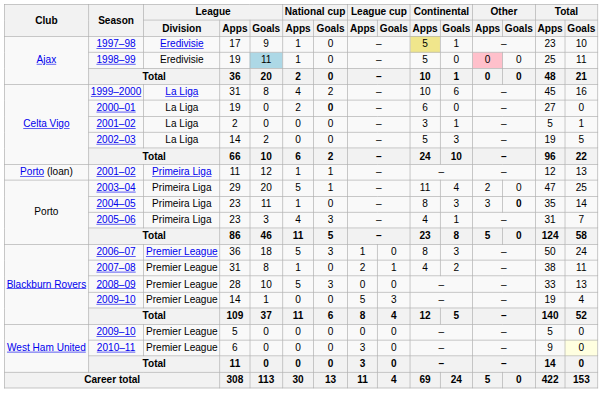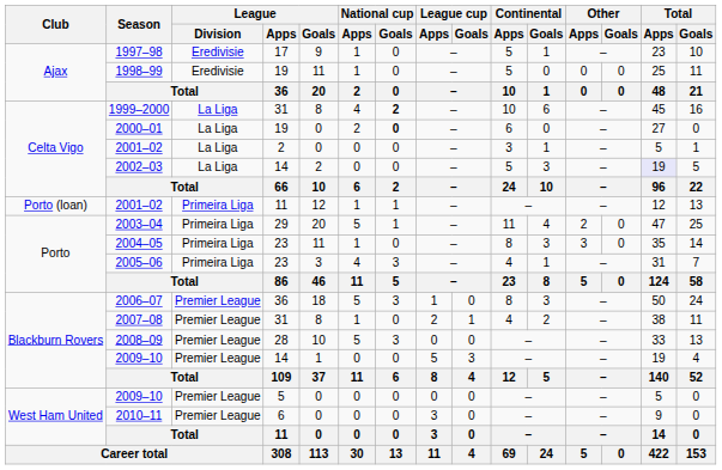 <table class="wikitable" style="text-align:center">
 <tr>
 <th rowspan="2">Club</th>
 <th rowspan="2">Season</th>
 <th colspan="3">League</th>
 <th colspan="2">National cup</th>
 <th colspan="2">League cup</th>
 <th colspan="2">Continental</th>
 <th colspan="2">Other</th>
 <th colspan="2">Total</th>
 </tr>
 <tr>
 <th>Division</th>
 <th>Apps</th>
 <th>Goals</th>
 <th>Apps</th>
 <th>Goals</th>
 <th>Apps</th>
 <th>Goals</th>
 <th>Apps</th>
 <th>Goals</th>
 <th>Apps</th>
 <th>Goals</th>
 <th>Apps</th>
 <th>Goals</th>
 </tr>
 <tr>
 <td rowspan="3"><a href='#'>Ajax</a></td>
 <td><a href='#'>1997–98</a></td>
 <td><a href='#'>Eredivisie</a></td>
 <td>17</td>
 <td>9</td>
 <td>1</td>
 <td>0</td>
 <td colspan="2">–</td>
-<td style="background: khaki;">5</td>
+<td>5</td>
 <td>1</td>
 <td colspan="2">–</td>
 <td>23</td>
 <td>10</td>
 </tr>
 <tr>
 <td><a href='#'>1998–99</a></td>
 <td>Eredivisie</td>
 <td>19</td>
-<td style="background: lightblue;">11</td>
+<td>11</td>
 <td>1</td>
 <td>0</td>
 <td colspan="2">–</td>
 <td>5</td>
 <td>0</td>
-<td style="background: pink;">0</td>
+<td>0</td>
 <td>0</td>
 <td>25</td>
 <td>11</td>
 </tr>
 <tr>
 <th colspan="2">Total</th>
 <th>36</th>
 <th>20</th>
 <th>2</th>
 <th>0</th>
 <th colspan="2">–</th>
 <th>10</th>
 <th>1</th>
 <th>0</th>
 <th>0</th>
 <th>48</th>
 <th>21</th>
 </tr>
 <tr>
 <td rowspan="5"><a href='#'>Celta Vigo</a></td>
 <td><a href='#'>1999–2000</a></td>
 <td><a href='#'>La Liga</a></td>
 <td>31</td>
 <td>8</td>
 <td>4</td>
-<td>2</td>
+<td><strong>2</strong></td>
 <td colspan="2">–</td>
 <td>10</td>
 <td>6</td>
 <td colspan="2">–</td>
 <td>45</td>
 <td>16</td>
 </tr>
 <tr>
 <td><a href='#'>2000–01</a></td>
 <td>La Liga</td>
 <td>19</td>
 <td>0</td>
 <td>2</td>
 <td><strong>0</strong></td>
 <td colspan="2">–</td>
 <td>6</td>
 <td>0</td>
 <td colspan="2">–</td>
 <td>27</td>
 <td>0</td>
 </tr>
 <tr>
 <td><a href='#'>2001–02</a></td>
 <td>La Liga</td>
 <td>2</td>
 <td>0</td>
 <td>0</td>
 <td>0</td>
 <td colspan="2">–</td>
 <td>3</td>
 <td>1</td>
 <td colspan="2">–</td>
 <td>5</td>
 <td>1</td>
 </tr>
 <tr>
 <td><a href='#'>2002–03</a></td>
 <td>La Liga</td>
 <td>14</td>
 <td>2</td>
 <td>0</td>
 <td>0</td>
 <td colspan="2">–</td>
 <td>5</td>
 <td>3</td>
 <td colspan="2">–</td>
-<td>19</td>
+<td style="background: lavender;">19</td>
 <td>5</td>
 </tr>
 <tr>
 <th colspan="2">Total</th>
 <th>66</th>
 <th>10</th>
 <th>6</th>
 <th>2</th>
 <th colspan="2">–</th>
 <th>24</th>
 <th>10</th>
 <th colspan="2">–</th>
 <th>96</th>
 <th>22</th>
 </tr>
 <tr>
 <td><a href='#'>Porto</a> (loan)</td>
 <td><a href='#'>2001–02</a></td>
 <td><a href='#'>Primeira Liga</a></td>
 <td>11</td>
 <td>12</td>
 <td>1</td>
 <td>1</td>
 <td colspan="2">–</td>
 <td colspan="2">–</td>
 <td colspan="2">–</td>
 <td>12</td>
 <td>13</td>
 </tr>
 <tr>
 <td rowspan="4">Porto</td>
 <td><a href='#'>2003–04</a></td>
 <td>Primeira Liga</td>
 <td>29</td>
 <td>20</td>
 <td>5</td>
 <td>1</td>
 <td colspan="2">–</td>
 <td>11</td>
 <td>4</td>
 <td>2</td>
 <td>0</td>
 <td>47</td>
 <td>25</td>
 </tr>
 <tr>
 <td><a href='#'>2004–05</a></td>
 <td>Primeira Liga</td>
 <td>23</td>
 <td>11</td>
 <td>1</td>
 <td>0</td>
 <td colspan="2">–</td>
 <td>8</td>
 <td>3</td>
 <td>3</td>
-<td><strong>0</strong></td>
+<td>0</td>
 <td>35</td>
 <td>14</td>
 </tr>
 <tr>
 <td><a href='#'>2005–06</a></td>
 <td>Primeira Liga</td>
 <td>23</td>
 <td>3</td>
 <td>4</td>
 <td>3</td>
 <td colspan="2">–</td>
 <td>4</td>
 <td>1</td>
 <td colspan="2">–</td>
 <td>31</td>
 <td>7</td>
 </tr>
 <tr>
 <th colspan="2">Total</th>
 <th>86</th>
 <th>46</th>
 <th>11</th>
 <th>5</th>
 <th colspan="2">–</th>
 <th>23</th>
 <th>8</th>
 <th>5</th>
 <th>0</th>
 <th>124</th>
 <th>58</th>
 </tr>
 <tr>
 <td rowspan="5"><a href='#'>Blackburn Rovers</a></td>
 <td><a href='#'>2006–07</a></td>
 <td><a href='#'>Premier League</a></td>
 <td>36</td>
 <td>18</td>
 <td>5</td>
 <td>3</td>
 <td>1</td>
 <td>0</td>
 <td>8</td>
 <td>3</td>
 <td colspan="2">–</td>
 <td>50</td>
 <td>24</td>
 </tr>
 <tr>
 <td><a href='#'>2007–08</a></td>
 <td>Premier League</td>
 <td>31</td>
 <td>8</td>
 <td>1</td>
 <td>0</td>
 <td>2</td>
 <td>1</td>
 <td>4</td>
 <td>2</td>
 <td colspan="2">–</td>
 <td>38</td>
 <td>11</td>
 </tr>
 <tr>
 <td><a href='#'>2008–09</a></td>
 <td>Premier League</td>
 <td>28</td>
 <td>10</td>
 <td>5</td>
 <td>3</td>
 <td>0</td>
 <td>0</td>
 <td colspan="2">–</td>
 <td colspan="2">–</td>
 <td>33</td>
 <td>13</td>
 </tr>
 <tr>
 <td><a href='#'>2009–10</a></td>
 <td>Premier League</td>
 <td>14</td>
 <td>1</td>
 <td>0</td>
 <td>0</td>
 <td>5</td>
 <td>3</td>
 <td colspan="2">–</td>
 <td colspan="2">–</td>
 <td>19</td>
 <td>4</td>
 </tr>
 <tr>
 <th colspan="2">Total</th>
 <th>109</th>
 <th>37</th>
 <th>11</th>
 <th>6</th>
 <th>8</th>
 <th>4</th>
 <th>12</th>
 <th>5</th>
 <th colspan="2">–</th>
 <th>140</th>
 <th>52</th>
 </tr>
 <tr>
 <td rowspan="3"><a href='#'>West Ham United</a></td>
 <td><a href='#'>2009–10</a></td>
 <td>Premier League</td>
 <td>5</td>
 <td>0</td>
 <td>0</td>
 <td>0</td>
 <td>0</td>
 <td>0</td>
 <td colspan="2">–</td>
 <td colspan="2">–</td>
 <td>5</td>
 <td>0</td>
 </tr>
 <tr>
 <td><a href='#'>2010–11</a></td>
 <td>Premier League</td>
 <td>6</td>
 <td>0</td>
 <td>0</td>
 <td>0</td>
 <td>3</td>
 <td>0</td>
 <td colspan="2">–</td>
 <td colspan="2">–</td>
 <td>9</td>
-<td style="background: lightyellow;">0</td>
+<td>0</td>
 </tr>
 <tr>
 <th colspan="2">Total</th>
 <th>11</th>
 <th>0</th>
 <th>0</th>
 <th>0</th>
 <th>3</th>
 <th>0</th>
 <th colspan="2">–</th>
 <th colspan="2">–</th>
 <th>14</th>
 <th>0</th>
 </tr>
 <tr>
 <th colspan="3">Career total</th>
 <th>308</th>
 <th>113</th>
 <th>30</th>
 <th>13</th>
 <th>11</th>
 <th>4</th>
 <th>69</th>
 <th>24</th>
 <th>5</th>
 <th>0</th>
 <th>422</th>
 <th>153</th>
 </tr>
 </table>
